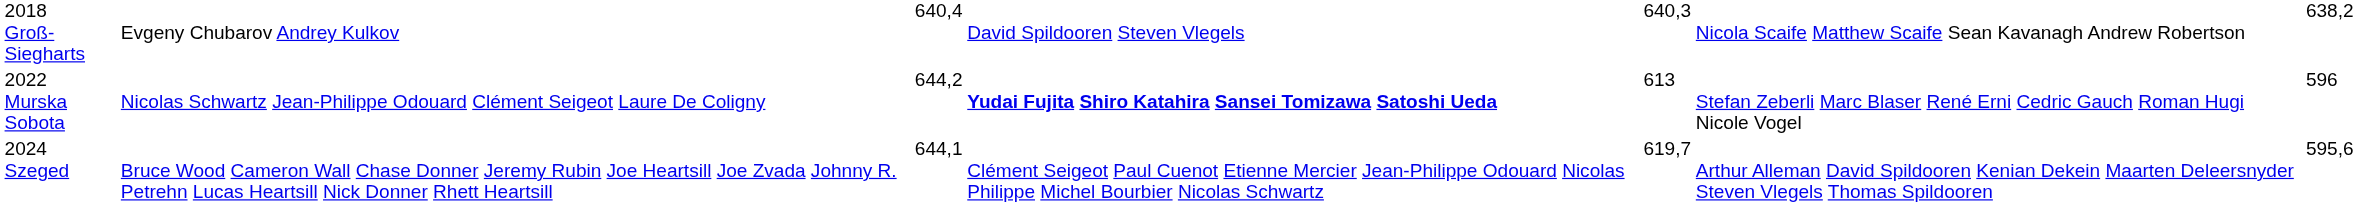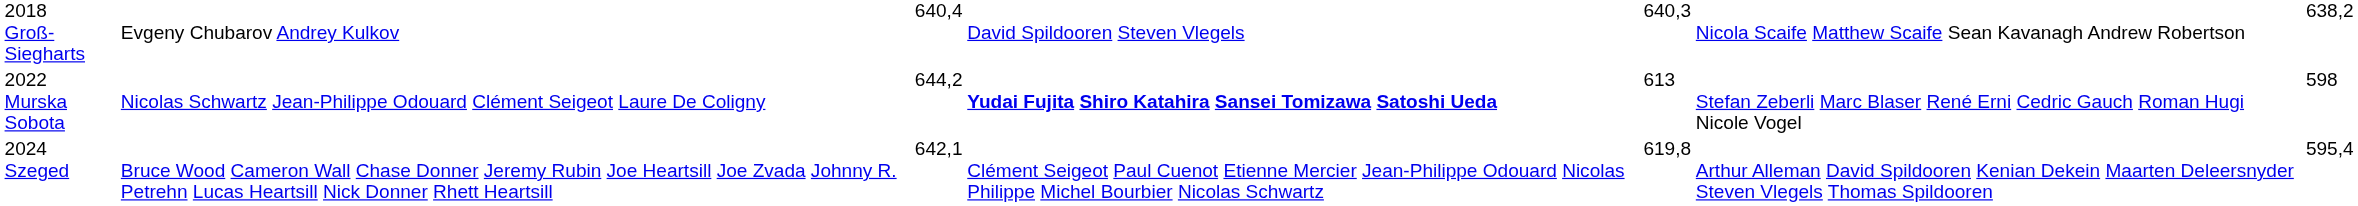 <table>
 <tr valign="top">
 <td>2018 <br><a href='#'>Groß-Siegharts</a></td>
 <td><br>  Evgeny Chubarov <a href='#'>Andrey Kulkov</a></td>
 <td>640,4</td>
 <td><br><a href='#'>David Spildooren</a> <a href='#'>Steven Vlegels</a></td>
 <td>640,3</td>
 <td><br><a href='#'>Nicola Scaife</a> <a href='#'>Matthew Scaife</a> Sean Kavanagh Andrew Robertson</td>
 <td>638,2</td>
 </tr>
 <tr valign="top">
 <td>2022 <br><a href='#'>Murska Sobota</a></td>
 <td><br><a href='#'>Nicolas Schwartz</a> <a href='#'>Jean-Philippe Odouard</a> <a href='#'>Clément Seigeot</a> <a href='#'>Laure De Coligny</a></td>
 <td>644,2</td>
 <td><strong><br><a href='#'>Yudai Fujita</a> <a href='#'>Shiro Katahira</a> <a href='#'>Sansei Tomizawa</a> <a href='#'>Satoshi Ueda</a></strong></td>
 <td>613</td>
 <td><br><a href='#'>Stefan Zeberli</a> <a href='#'>Marc Blaser</a> <a href='#'>René Erni</a> <a href='#'>Cedric Gauch</a> <a href='#'>Roman Hugi</a> Nicole Vogel</td>
-<td>596</td>
+<td>598</td>
 <td></td>
 </tr>
 <tr valign="top">
 <td>2024 <br><a href='#'>Szeged</a></td>
 <td><br><a href='#'>Bruce Wood</a> <a href='#'>Cameron Wall</a> <a href='#'>Chase Donner</a> <a href='#'>Jeremy Rubin</a> <a href='#'>Joe Heartsill</a> <a href='#'>Joe Zvada</a> <a href='#'>Johnny R. Petrehn</a> <a href='#'>Lucas Heartsill</a> <a href='#'>Nick Donner</a> <a href='#'>Rhett Heartsill</a></td>
-<td>644,1</td>
+<td>642,1</td>
 <td><br><a href='#'>Clément Seigeot</a> <a href='#'>Paul Cuenot</a> <a href='#'>Etienne Mercier</a> <a href='#'>Jean-Philippe Odouard</a> <a href='#'>Nicolas Philippe</a> <a href='#'>Michel Bourbier</a> <a href='#'>Nicolas Schwartz</a></td>
-<td>619,7</td>
+<td>619,8</td>
 <td><br><a href='#'>Arthur Alleman</a> <a href='#'>David Spildooren</a> <a href='#'>Kenian Dekein</a> <a href='#'>Maarten Deleersnyder</a> <a href='#'>Steven Vlegels</a> <a href='#'>Thomas Spildooren</a></td>
-<td>595,6</td>
+<td>595,4</td>
 </tr>
 </table>
